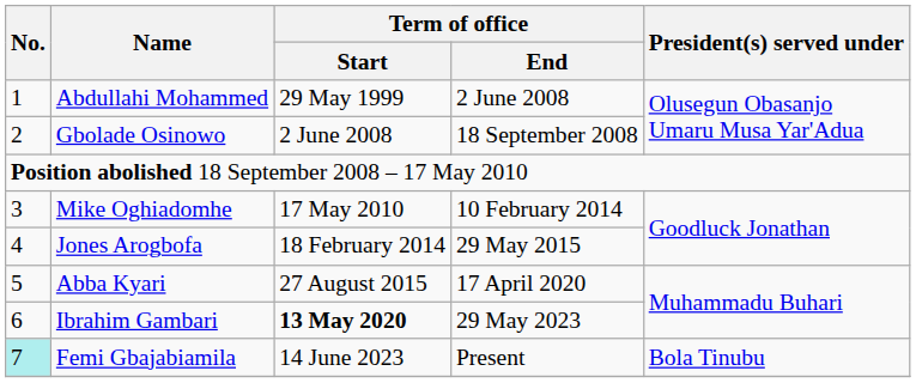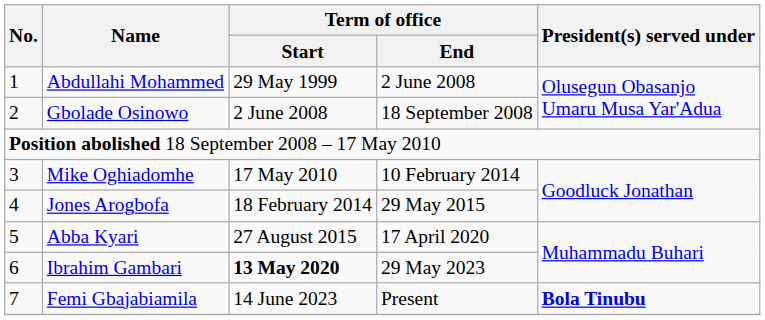 <table class="wikitable">
 <tr>
 <th rowspan="2">No.</th>
 <th rowspan="2">Name</th>
 <th colspan="2">Term of office</th>
 <th rowspan="2">President(s) served under</th>
 </tr>
 <tr>
 <th>Start</th>
 <th>End</th>
 </tr>
 <tr>
 <td>1</td>
 <td><a href='#'>Abdullahi Mohammed</a></td>
 <td>29 May 1999</td>
 <td>2 June 2008</td>
 <td rowspan="2"><a href='#'>Olusegun Obasanjo</a><br><a href='#'>Umaru Musa Yar'Adua</a></td>
 </tr>
 <tr>
 <td>2</td>
 <td><a href='#'>Gbolade Osinowo</a></td>
 <td>2 June 2008</td>
 <td>18 September 2008</td>
 </tr>
 <tr>
 <td colspan="5"><strong>Position abolished</strong> 18 September 2008 – 17 May 2010</td>
 </tr>
 <tr>
 <td>3</td>
 <td><a href='#'>Mike Oghiadomhe</a></td>
 <td>17 May 2010</td>
 <td>10 February 2014</td>
 <td rowspan="2"><a href='#'>Goodluck Jonathan</a></td>
 </tr>
 <tr>
 <td>4</td>
 <td><a href='#'>Jones Arogbofa</a></td>
 <td>18 February 2014</td>
 <td>29 May 2015</td>
 </tr>
 <tr>
 <td>5</td>
 <td><a href='#'>Abba Kyari</a></td>
 <td>27 August 2015</td>
 <td>17 April 2020</td>
 <td rowspan="2"><a href='#'>Muhammadu Buhari</a></td>
 </tr>
 <tr>
 <td>6</td>
 <td><a href='#'>Ibrahim Gambari</a></td>
 <td><strong>13 May 2020</strong></td>
 <td>29 May 2023</td>
 </tr>
 <tr>
-<td style="background: paleturquoise;">7</td>
+<td>7</td>
 <td><a href='#'>Femi Gbajabiamila</a></td>
 <td>14 June 2023</td>
 <td>Present</td>
-<td rowspan="1"><a href='#'>Bola Tinubu</a></td>
+<td rowspan="1"><strong><a href='#'>Bola Tinubu</a></strong></td>
 </tr>
 <tr>
 </tr>
 </table>
